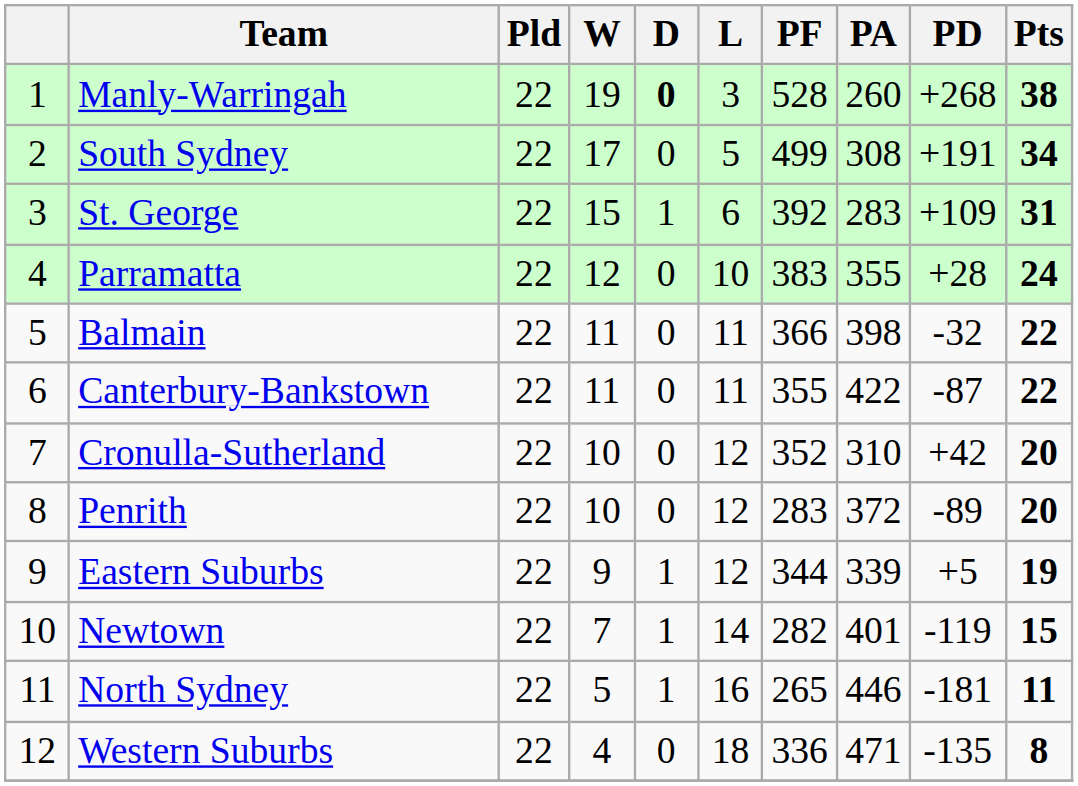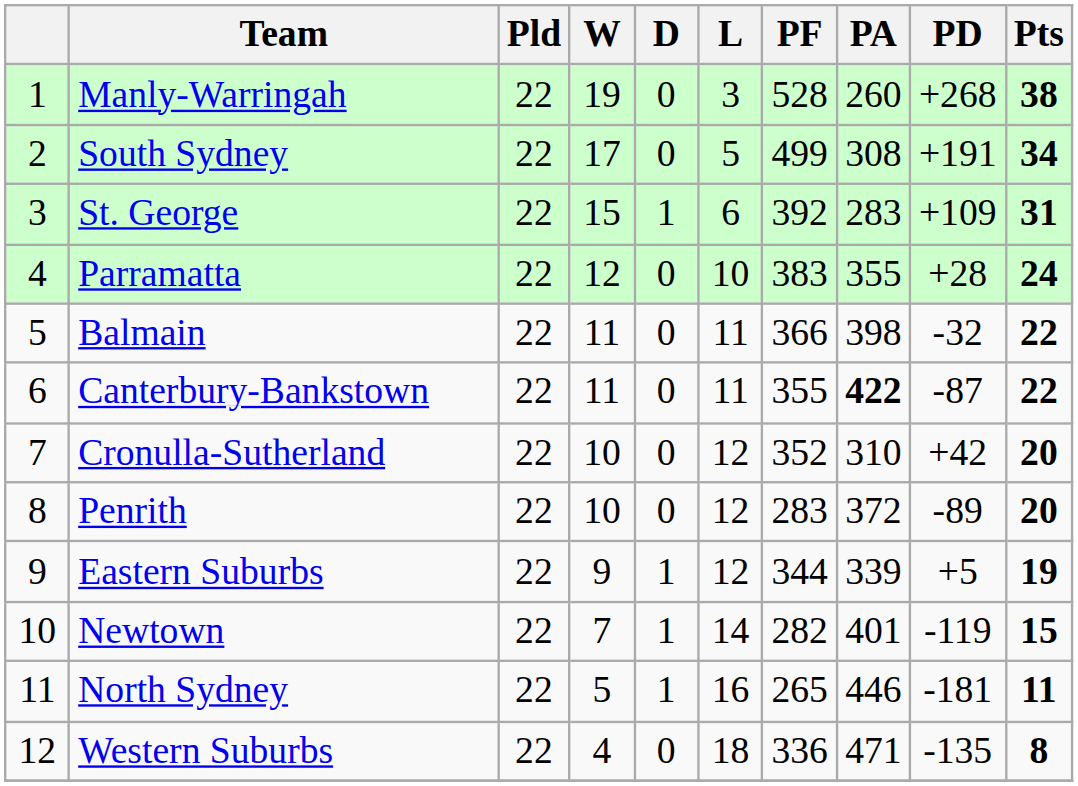 <table class="wikitable" style="text-align:center;">
 <tr>
 <th width=20 abbr="Position×"></th>
 <th width=175>Team</th>
 <th width=20 abbr="Played">Pld</th>
 <th width=20 abbr="Won">W</th>
 <th width=20 abbr="Drawn">D</th>
 <th width=20 abbr="Lost">L</th>
 <th width=20 abbr="Points for">PF</th>
 <th width=20 abbr="Points against">PA</th>
 <th width=20 abbr="Points difference">PD</th>
 <th width=20 abbr="Points">Pts</th>
 </tr>
 <tr style="background: #ccffcc;">
 <td>1</td>
 <td style="text-align:left;"> <a href='#'>Manly-Warringah</a></td>
 <td>22</td>
 <td>19</td>
-<td><strong>0</strong></td>
+<td>0</td>
 <td>3</td>
 <td>528</td>
 <td>260</td>
 <td>+268</td>
 <td><strong>38</strong></td>
 </tr>
 <tr style="background: #ccffcc;">
 <td>2</td>
 <td style="text-align:left;"> <a href='#'>South Sydney</a></td>
 <td>22</td>
 <td>17</td>
 <td>0</td>
 <td>5</td>
 <td>499</td>
 <td>308</td>
 <td>+191</td>
 <td><strong>34</strong></td>
 </tr>
 <tr style="background: #ccffcc;">
 <td>3</td>
 <td style="text-align:left;"> <a href='#'>St. George</a></td>
 <td>22</td>
 <td>15</td>
 <td>1</td>
 <td>6</td>
 <td>392</td>
 <td>283</td>
 <td>+109</td>
 <td><strong>31</strong></td>
 </tr>
 <tr style="background: #ccffcc;">
 <td>4</td>
 <td style="text-align:left;"> <a href='#'>Parramatta</a></td>
 <td>22</td>
 <td>12</td>
 <td>0</td>
 <td>10</td>
 <td>383</td>
 <td>355</td>
 <td>+28</td>
 <td><strong>24</strong></td>
 </tr>
 <tr>
 <td>5</td>
 <td style="text-align:left;"> <a href='#'>Balmain</a></td>
 <td>22</td>
 <td>11</td>
 <td>0</td>
 <td>11</td>
 <td>366</td>
 <td>398</td>
 <td>-32</td>
 <td><strong>22</strong></td>
 </tr>
 <tr>
 <td>6</td>
 <td style="text-align:left;"> <a href='#'>Canterbury-Bankstown</a></td>
 <td>22</td>
 <td>11</td>
 <td>0</td>
 <td>11</td>
 <td>355</td>
-<td>422</td>
+<td><strong>422</strong></td>
 <td>-87</td>
 <td><strong>22</strong></td>
 </tr>
 <tr>
 <td>7</td>
 <td style="text-align:left;"> <a href='#'>Cronulla-Sutherland</a></td>
 <td>22</td>
 <td>10</td>
 <td>0</td>
 <td>12</td>
 <td>352</td>
 <td>310</td>
 <td>+42</td>
 <td><strong>20</strong></td>
 </tr>
 <tr>
 <td>8</td>
 <td style="text-align:left;"> <a href='#'>Penrith</a></td>
 <td>22</td>
 <td>10</td>
 <td>0</td>
 <td>12</td>
 <td>283</td>
 <td>372</td>
 <td>-89</td>
 <td><strong>20</strong></td>
 </tr>
 <tr>
 <td>9</td>
 <td style="text-align:left;"> <a href='#'>Eastern Suburbs</a></td>
 <td>22</td>
 <td>9</td>
 <td>1</td>
 <td>12</td>
 <td>344</td>
 <td>339</td>
 <td>+5</td>
 <td><strong>19</strong></td>
 </tr>
 <tr>
 <td>10</td>
 <td style="text-align:left;"> <a href='#'>Newtown</a></td>
 <td>22</td>
 <td>7</td>
 <td>1</td>
 <td>14</td>
 <td>282</td>
 <td>401</td>
 <td>-119</td>
 <td><strong>15</strong></td>
 </tr>
 <tr>
 <td>11</td>
 <td style="text-align:left;"> <a href='#'>North Sydney</a></td>
 <td>22</td>
 <td>5</td>
 <td>1</td>
 <td>16</td>
 <td>265</td>
 <td>446</td>
 <td>-181</td>
 <td><strong>11</strong></td>
 </tr>
 <tr>
 <td>12</td>
 <td style="text-align:left;"> <a href='#'>Western Suburbs</a></td>
 <td>22</td>
 <td>4</td>
 <td>0</td>
 <td>18</td>
 <td>336</td>
 <td>471</td>
 <td>-135</td>
 <td><strong>8</strong></td>
 </tr>
 <tr>
 </tr>
 </table>
